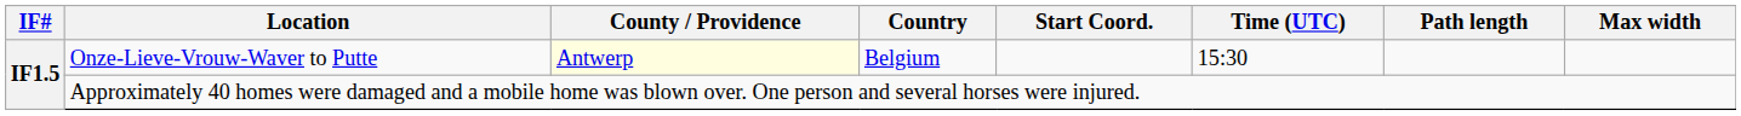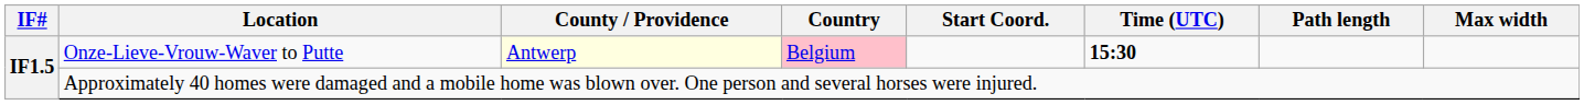 <table class="wikitable sortable" style="width:100%;">
 <tr>
 <th scope="col" width="2%" align="center"><a href='#'>IF#</a></th>
 <th scope="col" align="center" class="unsortable">Location</th>
 <th scope="col" align="center" class="unsortable">County / Providence</th>
 <th scope="col" align="center">Country</th>
 <th scope="col" align="center">Start Coord.</th>
 <th scope="col" align="center">Time (<a href='#'>UTC</a>)</th>
 <th scope="col" align="center">Path length</th>
 <th scope="col" align="center">Max width</th>
 </tr>
 <tr>
 <th scope="row" rowspan="2" style="background-color:#">IF1.5</th>
 <td><a href='#'>Onze-Lieve-Vrouw-Waver</a> to <a href='#'>Putte</a></td>
 <td style="background: lightyellow;"><a href='#'>Antwerp</a></td>
-<td><a href='#'>Belgium</a></td>
+<td style="background: pink;"><a href='#'>Belgium</a></td>
 <td></td>
-<td>15:30</td>
+<td><strong>15:30</strong></td>
 <td></td>
 <td></td>
 </tr>
 <tr class="expand-child">
 <td colspan="8" style=" border-bottom: 1px solid black;">Approximately 40 homes were damaged and a mobile home was blown over. One person and several horses were injured.</td>
 </tr>
 </table>
